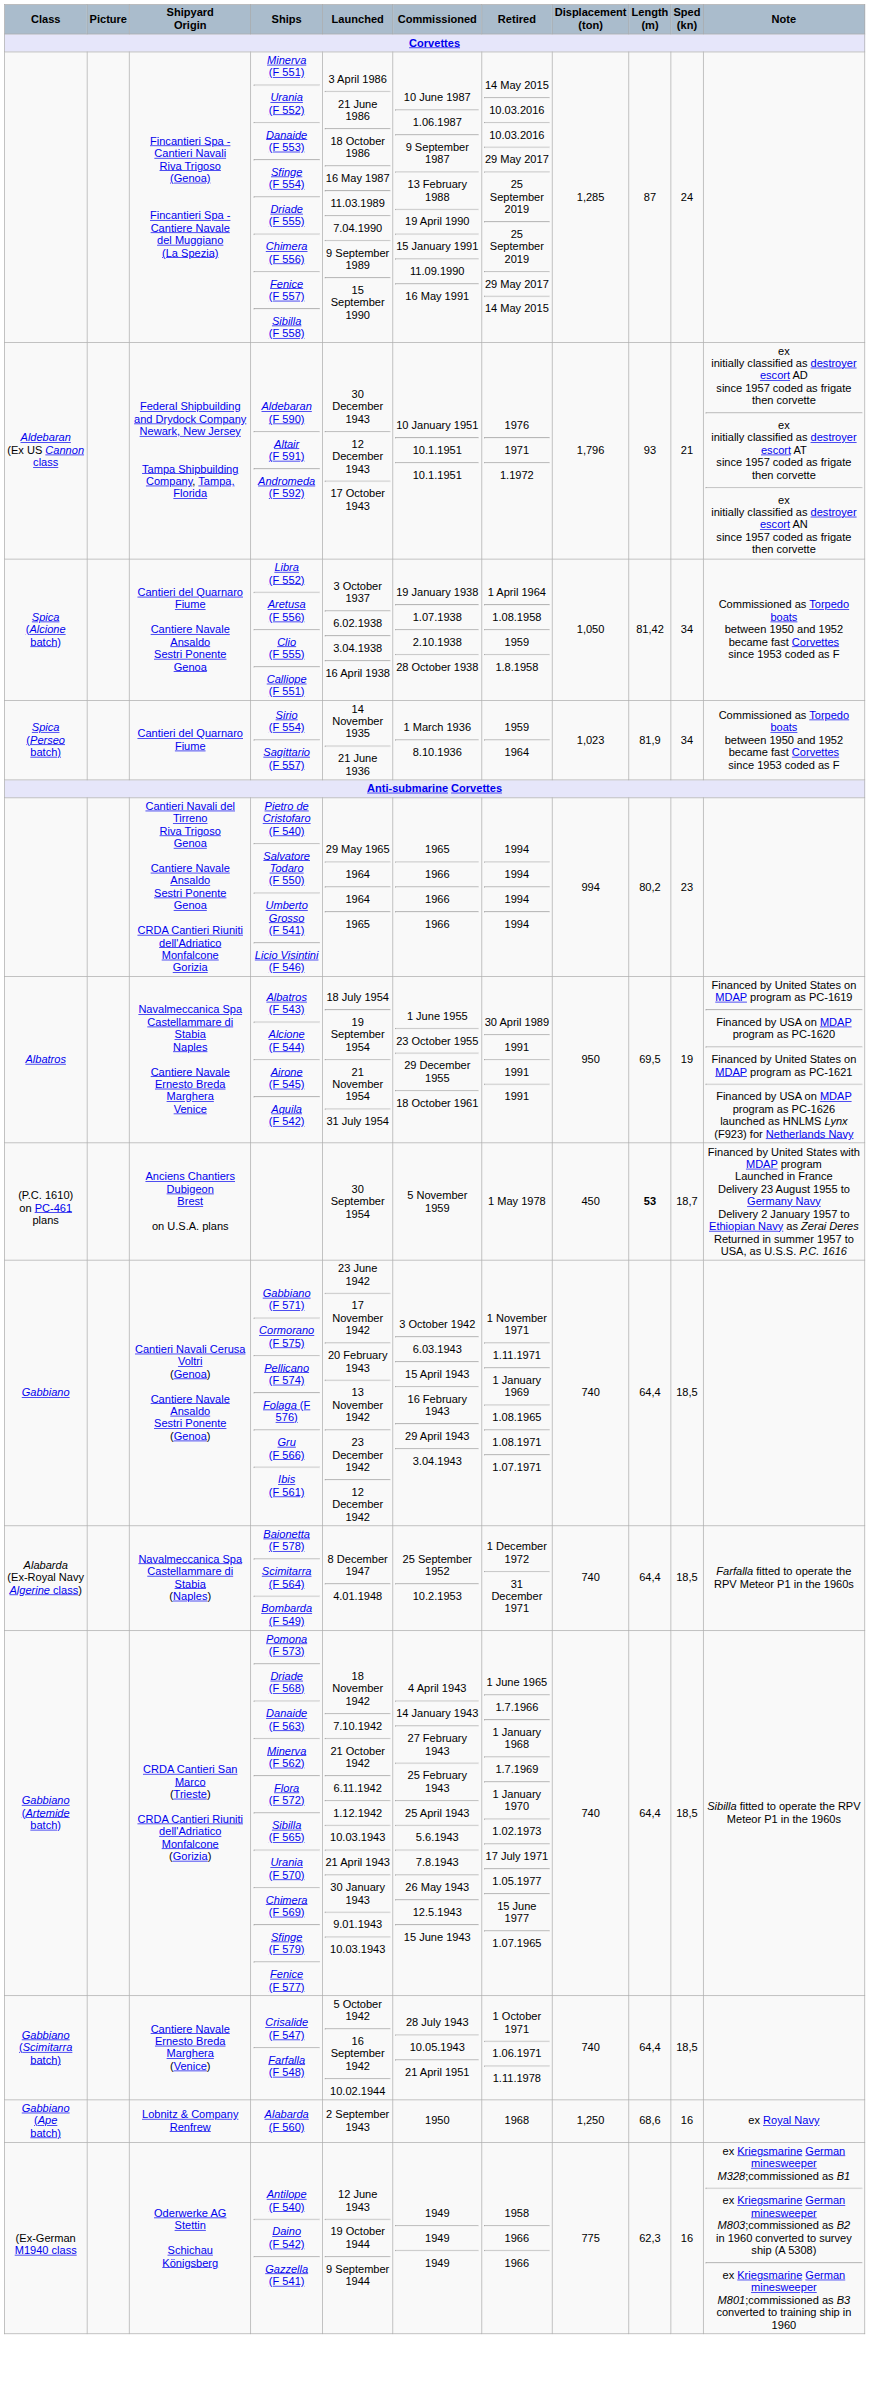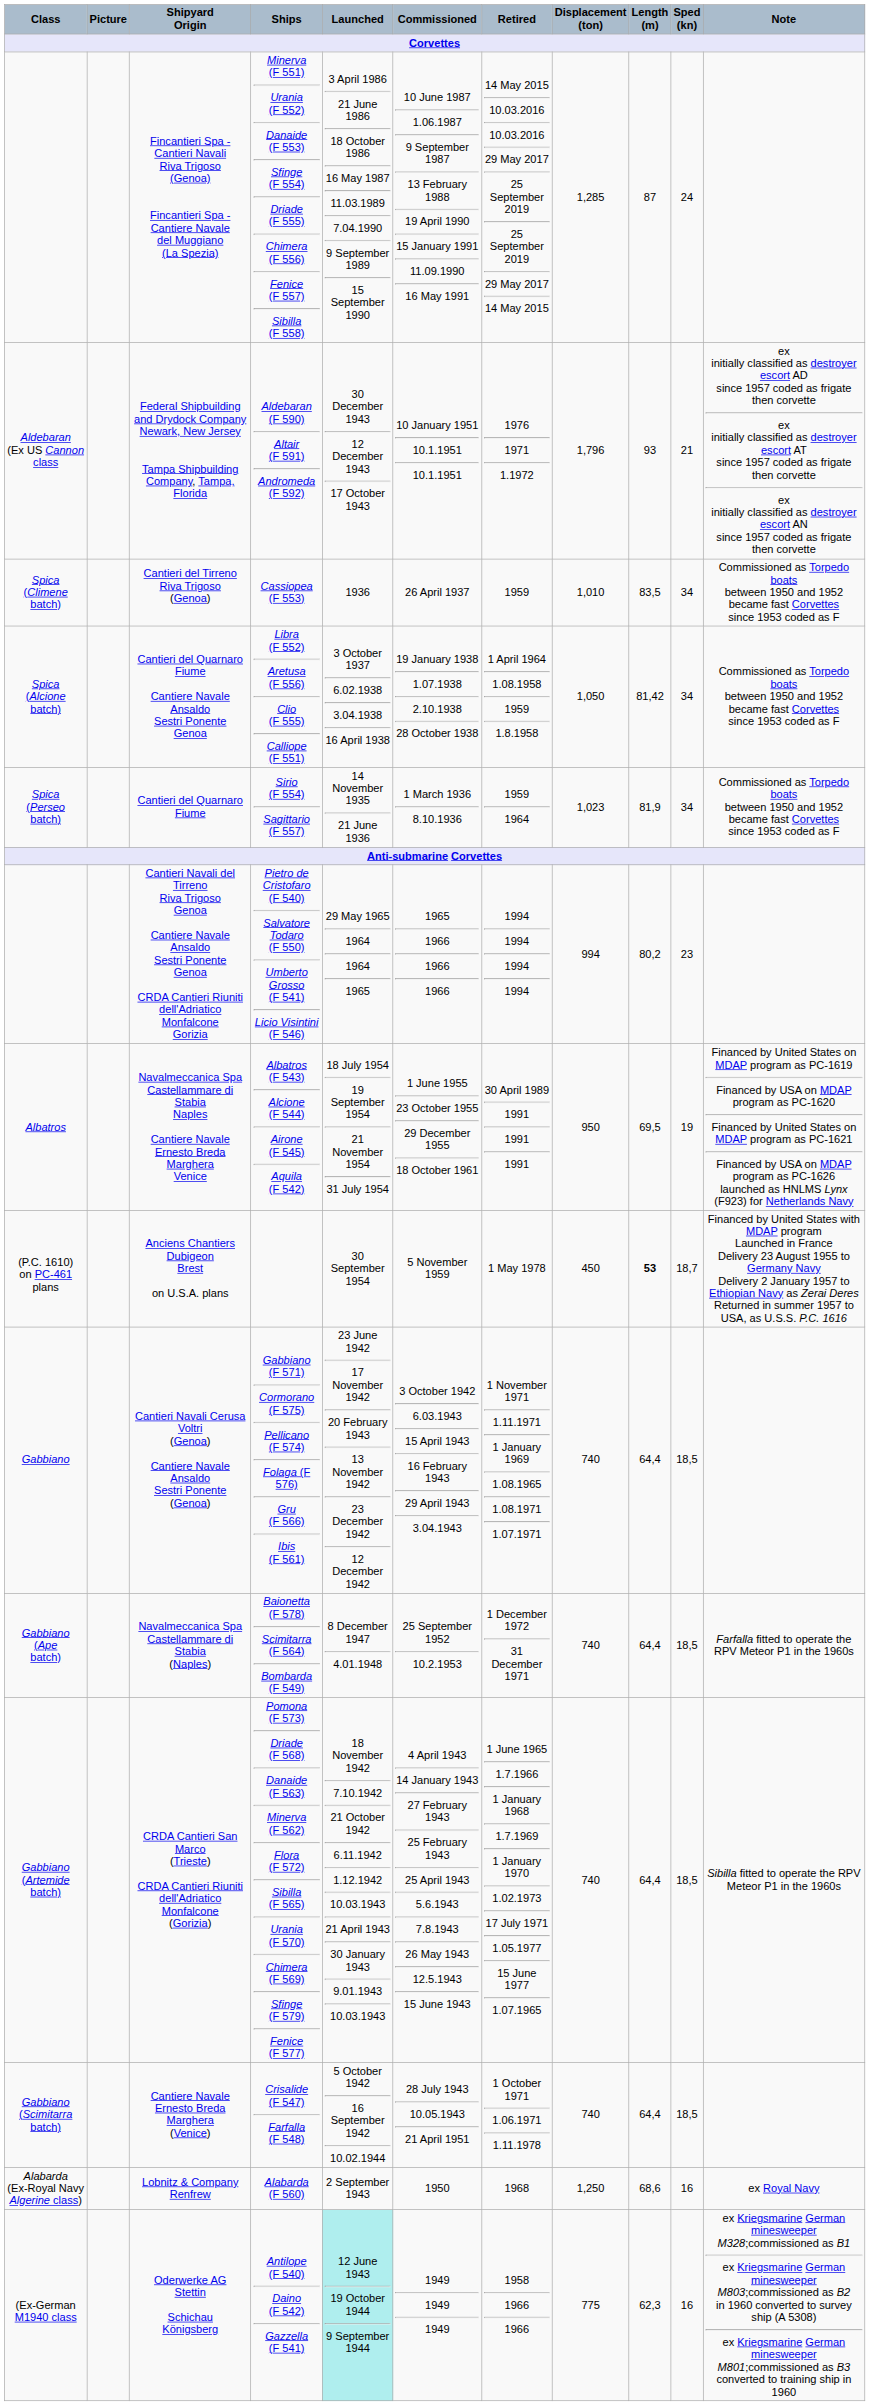 <table class="wikitable" style="text-align:center;">
 <tr>
 <th style="text-align: central; background: #aabccc;">Class</th>
 <th style="text-align: central; background: #aabccc;">Picture</th>
 <th style="text-align: central; background: #aabccc;">Shipyard<br>Origin</th>
 <th style="text-align: central; background: #aabccc;">Ships</th>
 <th style="text-align: central; background: #aabccc;">Launched</th>
 <th style="text-align: central; background: #aabccc;">Commissioned</th>
 <th style="text-align: central; background: #aabccc;">Retired</th>
 <th style="text-align: central; background: #aabccc;">Displacement<br>(ton)</th>
 <th style="text-align: central; background: #aabccc;">Length<br>(m)</th>
 <th style="text-align: central; background: #aabccc;">Sped<br>(kn)</th>
 <th style="text-align: central; background: #aabccc;">Note</th>
 </tr>
 <tr>
 <th style="align: center; background: lavender;" colspan="11"><strong><a href='#'>Corvettes</a></strong></th>
 </tr>
 <tr>
 <td></td>
 <td></td>
 <td><a href='#'>Fincantieri Spa - Cantieri Navali<br>Riva Trigoso<br>(Genoa)</a><br><br><br><a href='#'>Fincantieri Spa - Cantiere Navale<br>del Muggiano<br>(La Spezia)</a><br></td>
 <td><a href='#'><em>Minerva</em><br>(F 551)</a><br><hr><a href='#'><em>Urania</em><br>(F 552)</a><hr><a href='#'><em>Danaide</em><br>(F 553)</a><hr><a href='#'><em>Sfinge</em><br>(F 554)</a><hr><a href='#'><em>Driade</em><br>(F 555)</a><hr><a href='#'><em>Chimera</em><br>(F 556)</a><hr><a href='#'><em>Fenice</em><br>(F 557)</a><hr><a href='#'><em>Sibilla</em><br>(F 558)</a><br></td>
 <td>3 April 1986<hr>21 June 1986<hr>18 October 1986<hr>16 May 1987<hr>11.03.1989<hr>7.04.1990<hr>9 September 1989<hr>15 September 1990</td>
 <td>10 June 1987<hr>1.06.1987<hr>9 September 1987<hr>13 February 1988<hr>19 April 1990<hr>15 January 1991<hr>11.09.1990<hr>16 May 1991</td>
 <td>14 May 2015<hr>10.03.2016<hr>10.03.2016<hr>29 May 2017<hr>25 September 2019<hr>25 September 2019<hr>29 May 2017<hr>14 May 2015</td>
 <td>1,285</td>
 <td>87</td>
 <td>24</td>
 <td></td>
 </tr>
 <tr>
 <td><a href='#'><em>Aldebaran</em></a><br>(Ex US <a href='#'><em>Cannon</em> class</a></td>
 <td></td>
 <td><a href='#'>Federal Shipbuilding and Drydock Company</a><br><a href='#'>Newark, New Jersey</a><br><br><br><a href='#'>Tampa Shipbuilding Company</a>, <a href='#'>Tampa, Florida</a><br></td>
 <td><a href='#'><em>Aldebaran</em><br>(F 590)</a><br><hr><a href='#'><em>Altair</em><br>(F 591)</a><br><hr><a href='#'><em>Andromeda</em><br>(F 592)</a><br></td>
 <td>30 December 1943<hr>12 December 1943<hr>17 October 1943</td>
 <td>10 January 1951<hr>10.1.1951<hr>10.1.1951</td>
 <td>1976<hr>1971<hr>1.1972</td>
 <td>1,796</td>
 <td>93</td>
 <td>21</td>
 <td>ex <br>initially classified as <a href='#'>destroyer escort</a> AD<br>since 1957 coded as frigate<br>then corvette<hr>ex <br>initially classified as <a href='#'>destroyer escort</a> AT<br> since 1957 coded as frigate<br>then corvette<hr>ex <br>initially classified as <a href='#'>destroyer escort</a> AN<br> since 1957 coded as frigate<br>then corvette</td>
+</tr>
+<tr>
+<td><a href='#'><em>Spica</em><br>(<em>Climene</em><br>batch)</a><br></td>
+<td></td>
+<td><a href='#'>Cantieri del Tirreno</a><br><a href='#'>Riva Trigoso</a><br>(<a href='#'>Genoa</a>)<br><br></td>
+<td><a href='#'><em>Cassiopea</em><br>(F 553)</a><br></td>
+<td>1936</td>
+<td>26 April 1937</td>
+<td>1959</td>
+<td>1,010</td>
+<td>83,5</td>
+<td>34</td>
+<td>Commissioned as <a href='#'>Torpedo boats</a><br>between 1950 and 1952 became fast <a href='#'>Corvettes</a><br>since 1953 coded as F</td>
 </tr>
 <tr>
 <td><a href='#'><em>Spica</em><br>(<em>Alcione</em><br>batch)</a><br></td>
 <td></td>
 <td><a href='#'>Cantieri del Quarnaro</a><br><a href='#'>Fiume</a><br><br><a href='#'>Cantiere Navale Ansaldo</a><br><a href='#'>Sestri Ponente</a><br><a href='#'>Genoa</a><br></td>
 <td><a href='#'><em>Libra</em><br>(F 552)</a><br><hr><a href='#'><em>Aretusa</em><br>(F 556)</a><hr><a href='#'><em>Clio</em><br>(F 555)</a><hr><a href='#'><em>Calliope</em><br>(F 551)</a></td>
 <td>3 October 1937<hr>6.02.1938<hr>3.04.1938<hr>16 April 1938</td>
 <td>19 January 1938<hr>1.07.1938<hr>2.10.1938<hr>28 October 1938</td>
 <td>1 April 1964<hr>1.08.1958<hr>1959<hr>1.8.1958</td>
 <td>1,050</td>
 <td>81,42</td>
 <td>34</td>
 <td>Commissioned as <a href='#'>Torpedo boats</a><br>between 1950 and 1952 became fast <a href='#'>Corvettes</a><br>since 1953 coded as F</td>
 </tr>
 <tr>
 <td><a href='#'><em>Spica</em><br>(<em>Perseo</em><br>batch)</a><br></td>
 <td></td>
 <td><a href='#'>Cantieri del Quarnaro</a><br><a href='#'>Fiume</a><br></td>
 <td><a href='#'><em>Sirio</em><br>(F 554)</a><hr><a href='#'><em>Sagittario</em><br>(F 557)</a></td>
 <td>14 November 1935<hr>21 June 1936</td>
 <td>1 March 1936<hr>8.10.1936</td>
 <td>1959<hr>1964</td>
 <td>1,023</td>
 <td>81,9</td>
 <td>34</td>
 <td>Commissioned as <a href='#'>Torpedo boats</a><br>between 1950 and 1952 became fast <a href='#'>Corvettes</a><br>since 1953 coded as F</td>
 </tr>
 <tr>
 <th style="align: center; background: lavender;" colspan="11"><strong><a href='#'>Anti-submarine</a> <a href='#'>Corvettes</a></strong></th>
 </tr>
 <tr>
 <td></td>
 <td></td>
 <td><a href='#'>Cantieri Navali del Tirreno</a><br><a href='#'>Riva Trigoso</a><br><a href='#'>Genoa</a><br><br><a href='#'>Cantiere Navale Ansaldo</a><br><a href='#'>Sestri Ponente</a><br><a href='#'>Genoa</a><br><br><a href='#'>CRDA Cantieri Riuniti dell'Adriatico</a><br><a href='#'>Monfalcone</a><br><a href='#'>Gorizia</a><br></td>
 <td><a href='#'><em>Pietro de Cristofaro</em><br>(F 540)</a><hr><a href='#'><em>Salvatore Todaro</em><br>(F 550)</a><hr><a href='#'><em>Umberto Grosso</em><br>(F 541)</a><hr><a href='#'><em>Licio Visintini</em><br>(F 546)</a></td>
 <td>29 May 1965<hr>1964<hr>1964<hr>1965</td>
 <td>1965<hr>1966<hr>1966<hr>1966</td>
 <td>1994<hr>1994<hr>1994<hr>1994</td>
 <td>994</td>
 <td>80,2</td>
 <td>23</td>
 <td></td>
 </tr>
 <tr>
 <td><a href='#'><em>Albatros</em></a></td>
 <td></td>
 <td><a href='#'>Navalmeccanica Spa</a><br><a href='#'>Castellammare di Stabia</a><br><a href='#'>Naples</a><br><br><a href='#'>Cantiere Navale Ernesto Breda</a><br><a href='#'>Marghera</a><br><a href='#'>Venice</a><br></td>
 <td><a href='#'><em>Albatros</em><br>(F 543)</a><br><hr><a href='#'><em>Alcione</em><br>(F 544)</a><br><hr><a href='#'><em>Airone</em><br>(F 545)</a><br><hr><a href='#'><em>Aquila</em><br>(F 542)</a><br></td>
 <td>18 July 1954<hr>19 September 1954<hr>21 November 1954<hr>31 July 1954</td>
 <td>1 June 1955<hr>23 October 1955<hr>29 December 1955<hr>18 October 1961</td>
 <td>30 April 1989<hr>1991<hr>1991<hr>1991</td>
 <td>950</td>
 <td>69,5</td>
 <td>19</td>
 <td>Financed by United States on <a href='#'>MDAP</a> program as PC-1619<hr>Financed by USA on <a href='#'>MDAP</a> program as PC-1620<hr>Financed by United States on <a href='#'>MDAP</a> program as PC-1621<hr>Financed by USA on <a href='#'>MDAP</a> program as PC-1626<br>launched as HNLMS <em>Lynx</em> (F923) for <a href='#'>Netherlands Navy</a></td>
 </tr>
 <tr>
 <td><br>(P.C. 1610)<br>on <a href='#'>PC-461</a><br>plans</td>
 <td></td>
 <td><a href='#'>Anciens Chantiers Dubigeon</a><br><a href='#'>Brest</a><br><br>on U.S.A. plans<br></td>
 <td><br></td>
 <td>30 September 1954</td>
 <td>5 November 1959</td>
 <td>1 May 1978</td>
 <td>450</td>
 <td><strong>53</strong></td>
 <td>18,7</td>
 <td>Financed by United States with <a href='#'>MDAP</a> program<br>Launched in France<br>Delivery 23 August 1955 to <a href='#'>Germany Navy</a><br>Delivery 2 January 1957 to <a href='#'>Ethiopian Navy</a> as <em>Zerai Deres</em><br>Returned in summer 1957 to USA, as U.S.S. <em>P.C. 1616</em></td>
 </tr>
 <tr>
 <td><a href='#'><em>Gabbiano</em></a></td>
 <td></td>
 <td><a href='#'>Cantieri Navali Cerusa</a><br><a href='#'>Voltri</a><br>(<a href='#'>Genoa</a>)<br><br><a href='#'>Cantiere Navale Ansaldo</a><br><a href='#'>Sestri Ponente</a><br>(<a href='#'>Genoa</a>)<br></td>
 <td><a href='#'><em>Gabbiano</em><br>(F 571)</a><br><hr><a href='#'><em>Cormorano</em><br>(F 575)</a><br><hr> <a href='#'><em>Pellicano</em><br>(F 574)</a><br><hr><a href='#'><em>Folaga</em> (F 576)</a><hr><a href='#'><em>Gru</em><br>(F 566)</a><br><hr><a href='#'><em>Ibis</em><br>(F 561)</a><br></td>
 <td>23 June 1942<hr>17 November 1942<hr>20 February 1943<hr>13 November 1942<hr>23 December 1942<hr>12 December 1942</td>
 <td>3 October 1942<hr>6.03.1943<hr>15 April 1943<hr>16 February 1943<hr>29 April 1943<hr>3.04.1943</td>
 <td>1 November 1971<hr>1.11.1971<hr>1 January 1969<hr>1.08.1965<hr>1.08.1971<hr>1.07.1971</td>
 <td>740</td>
 <td>64,4</td>
 <td>18,5</td>
 <td></td>
 </tr>
 <tr>
-<td><em>Alabarda</em><br>(Ex-Royal Navy <a href='#'><em>Algerine</em> class</a>)</td>
+<td><a href='#'><em>Gabbiano</em><br>(<em>Ape</em><br>batch)</a></td>
 <td></td>
 <td><a href='#'>Navalmeccanica Spa</a><br><a href='#'>Castellammare di Stabia</a><br>(<a href='#'>Naples</a>)<br></td>
 <td><a href='#'><em>Baionetta</em><br>(F 578)</a><hr><a href='#'><em>Scimitarra</em><br>(F 564)</a><br><hr><a href='#'><em>Bombarda</em><br>(F 549)</a><br></td>
 <td>8 December 1947<hr>4.01.1948</td>
 <td>25 September 1952<hr>10.2.1953</td>
 <td>1 December 1972<hr>31 December 1971</td>
 <td>740</td>
 <td>64,4</td>
 <td>18,5</td>
 <td><em>Farfalla</em> fitted to operate the RPV Meteor P1 in the 1960s</td>
 </tr>
 <tr>
 <td><a href='#'><em>Gabbiano</em><br>(<em>Artemide</em><br>batch)</a></td>
 <td></td>
 <td><a href='#'>CRDA Cantieri San Marco</a><br>(<a href='#'>Trieste</a>)<br><br><a href='#'>CRDA Cantieri Riuniti dell'Adriatico</a><br><a href='#'>Monfalcone</a><br>(<a href='#'>Gorizia</a>)<br></td>
 <td><a href='#'><em>Pomona</em><br>(F 573)</a><br><hr><a href='#'><em>Driade</em><br>(F 568)</a><br><hr><a href='#'><em>Danaide</em><br>(F 563)</a><br><hr><a href='#'><em>Minerva</em><br>(F 562)</a><br><hr><a href='#'><em>Flora</em><br>(F 572)</a><br><hr><a href='#'><em>Sibilla</em><br>(F 565)</a><br><hr><a href='#'><em>Urania</em><br>(F 570)</a><br><hr><a href='#'><em>Chimera</em><br>(F 569)</a><br><hr><a href='#'><em>Sfinge</em><br>(F 579)</a><br><hr><a href='#'><em>Fenice</em><br>(F 577)</a><br></td>
 <td>18 November 1942<hr>7.10.1942<hr>21 October 1942<hr>6.11.1942<hr>1.12.1942<hr>10.03.1943<hr>21 April 1943<hr>30 January 1943<hr>9.01.1943<hr>10.03.1943</td>
 <td>4 April 1943<hr>14 January 1943<hr>27 February 1943<hr>25 February 1943<hr>25 April 1943<hr>5.6.1943<hr>7.8.1943<hr>26 May 1943<hr>12.5.1943<hr>15 June 1943</td>
 <td>1 June 1965<hr>1.7.1966<hr>1 January 1968<hr>1.7.1969<hr>1 January 1970<hr>1.02.1973<hr>17 July 1971<hr>1.05.1977<hr>15 June 1977<hr>1.07.1965</td>
 <td>740</td>
 <td>64,4</td>
 <td>18,5</td>
 <td><em>Sibilla</em> fitted to operate the RPV Meteor P1 in the 1960s</td>
 </tr>
 <tr>
 <td><a href='#'><em>Gabbiano</em><br>(<em>Scimitarra</em><br>batch)</a></td>
 <td></td>
 <td><a href='#'>Cantiere Navale Ernesto Breda</a><br><a href='#'>Marghera</a><br>(<a href='#'>Venice</a>)<br></td>
 <td><a href='#'><em>Crisalide</em><br>(F 547)</a><br><hr> <a href='#'><em>Farfalla</em><br>(F 548)</a><br></td>
 <td>5 October 1942<hr>16 September 1942<hr>10.02.1944</td>
 <td>28 July 1943<hr>10.05.1943<hr>21 April 1951</td>
 <td>1 October 1971<hr>1.06.1971<hr>1.11.1978</td>
 <td>740</td>
 <td>64,4</td>
 <td>18,5</td>
 <td></td>
 </tr>
 <tr>
-<td><a href='#'><em>Gabbiano</em><br>(<em>Ape</em><br>batch)</a></td>
+<td><em>Alabarda</em><br>(Ex-Royal Navy <a href='#'><em>Algerine</em> class</a>)</td>
 <td></td>
 <td><a href='#'>Lobnitz & Company</a><br><a href='#'>Renfrew</a><br></td>
 <td><a href='#'><em>Alabarda</em><br>(F 560)</a><br></td>
 <td>2 September 1943</td>
 <td>1950</td>
 <td>1968</td>
 <td>1,250</td>
 <td>68,6</td>
 <td>16</td>
 <td>ex <a href='#'>Royal Navy</a> </td>
 </tr>
 <tr>
 <td><br>(Ex-German <a href='#'>M1940 class</a></td>
 <td></td>
 <td><a href='#'>Oderwerke AG</a><br><a href='#'>Stettin</a><br><br><a href='#'>Schichau</a><br><a href='#'>Königsberg</a><br></td>
 <td><a href='#'><em>Antilope</em><br>(F 540)</a><br><hr><a href='#'><em>Daino</em><br>(F 542)</a><br><hr><a href='#'><em>Gazzella</em><br>(F 541)</a><br></td>
-<td>12 June 1943<hr>19 October 1944<hr>9 September 1944</td>
+<td style="background: paleturquoise;">12 June 1943<hr>19 October 1944<hr>9 September 1944</td>
 <td>1949<hr>1949<hr>1949</td>
 <td>1958<hr>1966<hr>1966</td>
 <td>775</td>
 <td>62,3</td>
 <td>16</td>
 <td>ex <a href='#'>Kriegsmarine</a> <a href='#'>German</a> <a href='#'>minesweeper</a> <em>M328</em>;commissioned as <em>B1</em><hr>ex <a href='#'>Kriegsmarine</a> <a href='#'>German</a> <a href='#'>minesweeper</a> <em>M803</em>;commissioned as <em>B2</em><br>in 1960 converted to survey ship (A 5308)<hr>ex <a href='#'>Kriegsmarine</a> <a href='#'>German</a> <a href='#'>minesweeper</a> <em>M801</em>;commissioned as <em>B3</em><br>converted to training ship in 1960 </td>
 </tr>
 </table>
